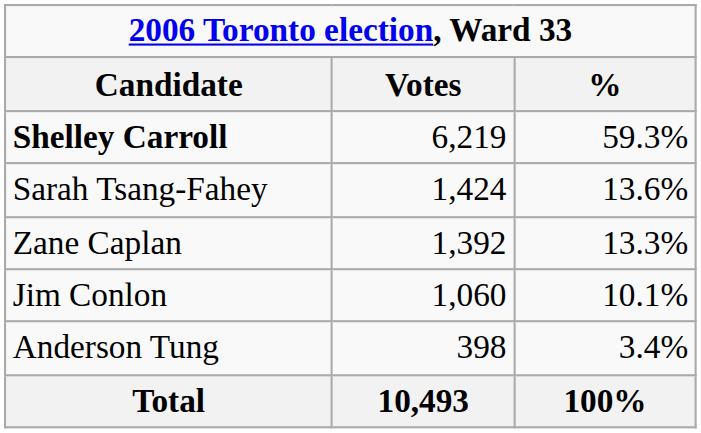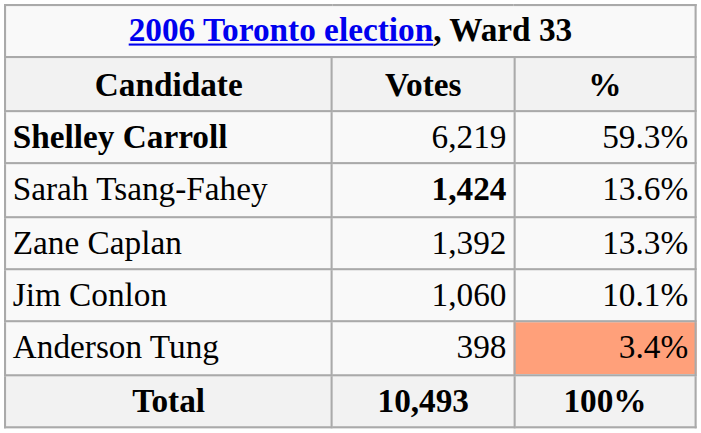 <table class="wikitable">
 <tr>
 <td Colspan="3" align="center"><strong><a href='#'>2006 Toronto election</a>, Ward 33</strong> </td>
 </tr>
 <tr>
 <th bgcolor="#DDDDFF" width="150px">Candidate</th>
 <th bgcolor="#DDDDFF" width="80px">Votes</th>
 <th bgcolor="#DDDDFF" width="80px">%</th>
 </tr>
 <tr>
 <td><strong>Shelley Carroll</strong></td>
 <td align=right>6,219</td>
 <td align=right>59.3%</td>
 </tr>
 <tr>
 <td>Sarah Tsang-Fahey</td>
-<td align=right>1,424</td>
+<td align=right><strong>1,424</strong></td>
 <td align=right>13.6%</td>
 </tr>
 <tr>
 <td>Zane Caplan</td>
 <td align=right>1,392</td>
 <td align=right>13.3%</td>
 </tr>
 <tr>
 <td>Jim Conlon</td>
 <td align=right>1,060</td>
 <td align=right>10.1%</td>
 </tr>
 <tr>
 <td>Anderson Tung</td>
 <td align=right>398</td>
-<td align=right>3.4%</td>
+<td align=right style="background: lightsalmon;">3.4%</td>
 </tr>
 <tr>
 <th>Total</th>
 <th align=right>10,493</th>
 <th align=right>100%</th>
 </tr>
 </table>
